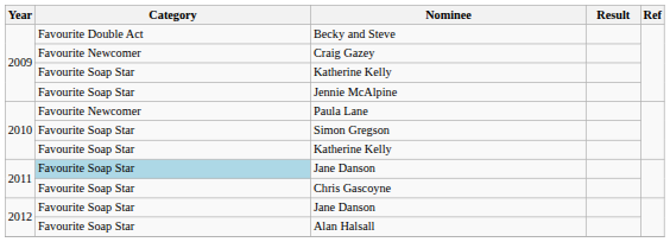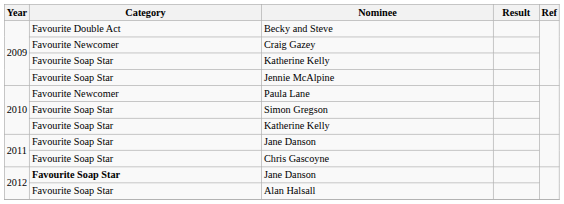 <table class="wikitable">
 <tr>
 <th>Year</th>
 <th width="370">Category</th>
 <th width="370">Nominee</th>
 <th width="65">Result</th>
 <th>Ref</th>
 </tr>
 <tr>
 <td rowspan="4">2009</td>
 <td>Favourite Double Act</td>
 <td>Becky and Steve</td>
 <td></td>
 <td align="center" rowspan="4"><br><br></td>
 </tr>
 <tr>
 <td>Favourite Newcomer</td>
 <td>Craig Gazey</td>
 <td></td>
 </tr>
 <tr>
 <td>Favourite Soap Star</td>
 <td>Katherine Kelly</td>
 <td></td>
 </tr>
 <tr>
 <td>Favourite Soap Star</td>
 <td>Jennie McAlpine</td>
 <td></td>
 </tr>
 <tr>
 <td rowspan="3">2010</td>
 <td>Favourite Newcomer</td>
 <td>Paula Lane</td>
 <td></td>
 <td align="center" rowspan="3"></td>
 </tr>
 <tr>
 <td>Favourite Soap Star</td>
 <td>Simon Gregson</td>
 <td></td>
 </tr>
 <tr>
 <td>Favourite Soap Star</td>
 <td>Katherine Kelly</td>
 <td></td>
 </tr>
 <tr>
 <td rowspan="2">2011</td>
-<td style="background: lightblue;">Favourite Soap Star</td>
+<td>Favourite Soap Star</td>
 <td>Jane Danson</td>
 <td></td>
 <td align="center" rowspan="2"></td>
 </tr>
 <tr>
 <td>Favourite Soap Star</td>
 <td>Chris Gascoyne</td>
 <td></td>
 </tr>
 <tr>
 <td rowspan="2">2012</td>
-<td>Favourite Soap Star</td>
+<td><strong>Favourite Soap Star</strong></td>
 <td>Jane Danson</td>
 <td></td>
 <td align="center" rowspan="2"></td>
 </tr>
 <tr>
 <td>Favourite Soap Star</td>
 <td>Alan Halsall</td>
 <td></td>
 </tr>
 <tr>
 </tr>
 </table>
